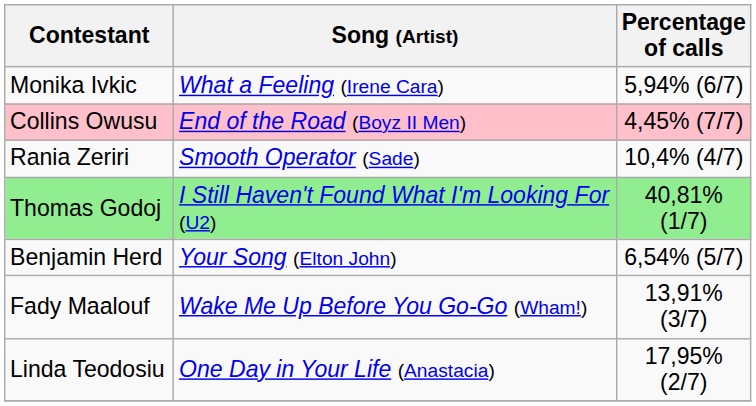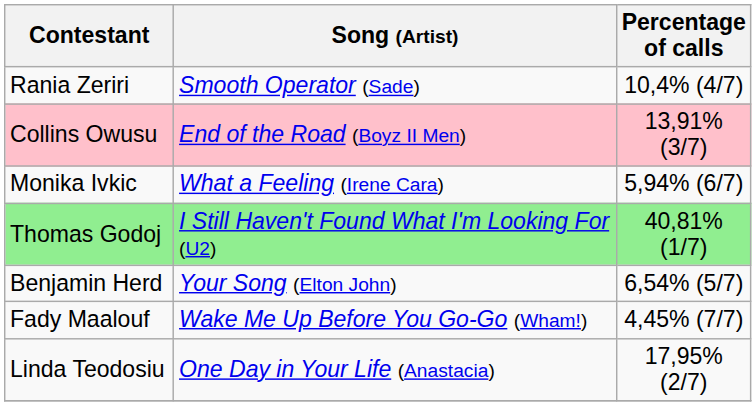 <table class="wikitable">
 <tr>
 <th width="110">Contestant</th>
 <th width="300">Song <small>(Artist)</small></th>
 <th width="28">Percentage of calls</th>
 </tr>
 <tr>
-<td align="left">Monika Ivkic</td>
-<td align="left"><em><a href='#'>What a Feeling</a></em> <small>(<a href='#'>Irene Cara</a>)</small></td>
-<td align="center">5,94% (6/7)</td>
+<td align="left">Rania Zeriri</td>
+<td align="left"><em><a href='#'>Smooth Operator</a></em> <small>(<a href='#'>Sade</a>)</small></td>
+<td align="center">10,4% (4/7)</td>
 </tr>
 <tr bgcolor="pink">
 <td align="left">Collins Owusu</td>
 <td align="left"><em><a href='#'>End of the Road</a></em> <small>(<a href='#'>Boyz II Men</a>)</small></td>
-<td align="center">4,45% (7/7)</td>
+<td align="center">13,91% (3/7)</td>
 </tr>
 <tr>
-<td align="left">Rania Zeriri</td>
-<td align="left"><em><a href='#'>Smooth Operator</a></em> <small>(<a href='#'>Sade</a>)</small></td>
-<td align="center">10,4% (4/7)</td>
+<td align="left">Monika Ivkic</td>
+<td align="left"><em><a href='#'>What a Feeling</a></em> <small>(<a href='#'>Irene Cara</a>)</small></td>
+<td align="center">5,94% (6/7)</td>
 </tr>
 <tr style="background:lightgreen;">
 <td align="left">Thomas Godoj</td>
 <td align="left"><em><a href='#'>I Still Haven't Found What I'm Looking For</a></em> <small>(<a href='#'>U2</a>)</small></td>
 <td align="center">40,81% (1/7)</td>
 </tr>
 <tr>
 <td align="left">Benjamin Herd</td>
 <td align="left"><em><a href='#'>Your Song</a></em> <small>(<a href='#'>Elton John</a>)</small></td>
 <td align="center">6,54% (5/7)</td>
 </tr>
 <tr>
 <td align="left">Fady Maalouf</td>
 <td align="left"><em><a href='#'>Wake Me Up Before You Go-Go</a></em> <small>(<a href='#'>Wham!</a>)</small></td>
-<td align="center">13,91% (3/7)</td>
+<td align="center">4,45% (7/7)</td>
 </tr>
 <tr>
 <td align="left">Linda Teodosiu</td>
 <td align="left"><em><a href='#'>One Day in Your Life</a></em> <small>(<a href='#'>Anastacia</a>)</small></td>
 <td align="center">17,95% (2/7)</td>
 </tr>
 <tr>
 </tr>
 </table>
